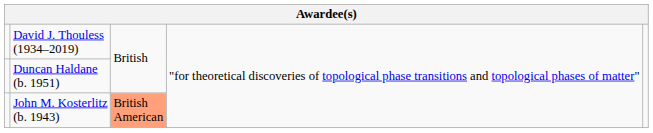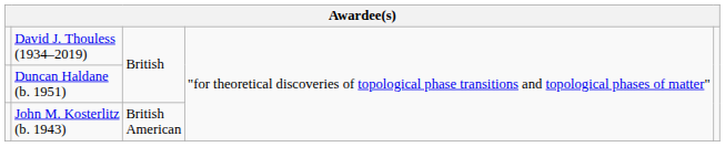 <table class="wikitable">
 <tr>
 <th colspan="5">Awardee(s)</th>
 </tr>
 <tr>
 <td></td>
 <td><a href='#'>David J. Thouless</a><br>(1934–2019)</td>
 <td rowspan="2"> British</td>
 <td rowspan="3">"for theoretical discoveries of <a href='#'>topological phase transitions</a> and <a href='#'>topological phases of matter</a>"</td>
 <td rowspan="3"></td>
 </tr>
 <tr>
 <td></td>
 <td><a href='#'>Duncan Haldane</a><br>(b. 1951)</td>
 </tr>
 <tr>
 <td></td>
 <td><a href='#'>John M. Kosterlitz</a><br>(b. 1943)</td>
-<td style="background: lightsalmon;"> British<br> American</td>
+<td> British<br> American</td>
 </tr>
 </table>
